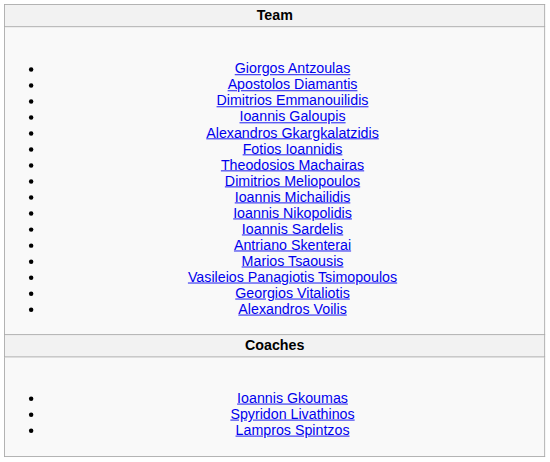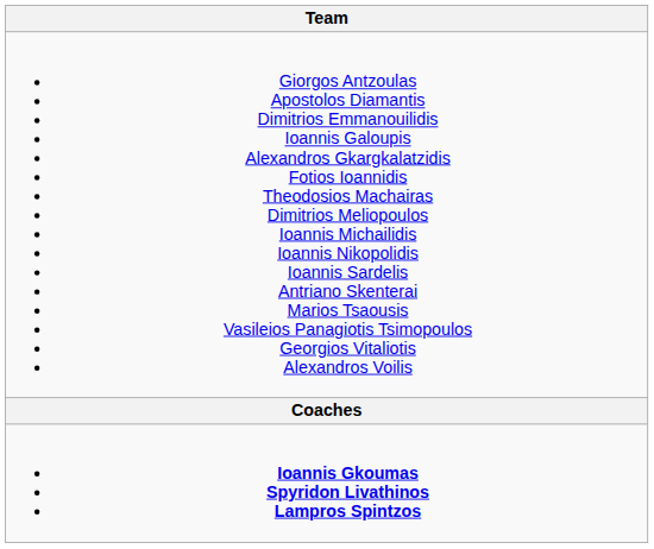 <table class="wikitable" style="text-align: center;">
 <tr>
 <th width=600>Team</th>
 </tr>
 <tr>
 <td><br><ul><li><a href='#'>Giorgos Antzoulas</a></li><li><a href='#'>Apostolos Diamantis</a></li><li><a href='#'>Dimitrios Emmanouilidis</a></li><li><a href='#'>Ioannis Galoupis</a></li><li><a href='#'>Alexandros Gkargkalatzidis</a></li><li><a href='#'>Fotios Ioannidis</a></li><li><a href='#'>Theodosios Machairas</a></li><li><a href='#'>Dimitrios Meliopoulos</a></li><li><a href='#'>Ioannis Michailidis</a></li><li><a href='#'>Ioannis Nikopolidis</a></li><li><a href='#'>Ioannis Sardelis</a></li><li><a href='#'>Antriano Skenterai</a></li><li><a href='#'>Marios Tsaousis</a></li><li><a href='#'>Vasileios Panagiotis Tsimopoulos</a></li><li><a href='#'>Georgios Vitaliotis</a></li><li><a href='#'>Alexandros Voilis</a></li></ul></td>
 </tr>
 <tr>
 <th width=600>Coaches</th>
 </tr>
 <tr>
-<td><br><ul><li> <a href='#'>Ioannis Gkoumas</a></li><li> <a href='#'>Spyridon Livathinos</a></li><li> <a href='#'>Lampros Spintzos</a></li></ul></td>
+<td><strong><br><ul><li> <a href='#'>Ioannis Gkoumas</a></li><li> <a href='#'>Spyridon Livathinos</a></li><li> <a href='#'>Lampros Spintzos</a></li></ul></strong></td>
 </tr>
 </table>
